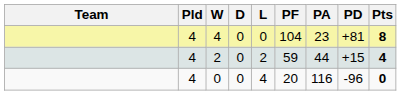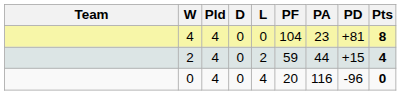 <table class="wikitable" style="text-align:center;">
 <tr>
 <th width=200>Team</th>
+<th width=20>W</th>
 <th width=20>Pld</th>
-<th width=20>W</th>
 <th width=20>D</th>
 <th width=20>L</th>
 <th width=30>PF</th>
 <th width=30>PA</th>
 <th width=30>PD</th>
 <th width=20>Pts</th>
 </tr>
 <tr bgcolor=#f7f6a8>
 <td align=left></td>
 <td>4</td>
 <td>4</td>
 <td>0</td>
 <td>0</td>
 <td>104</td>
 <td>23</td>
 <td>+81</td>
 <td><strong>8</strong></td>
 </tr>
 <tr bgcolor=#dce5e5>
 <td align=left></td>
+<td>2</td>
 <td>4</td>
-<td>2</td>
 <td>0</td>
 <td>2</td>
 <td>59</td>
 <td>44</td>
 <td>+15</td>
 <td><strong>4</strong></td>
 </tr>
 <tr>
 <td align=left></td>
+<td>0</td>
 <td>4</td>
-<td>0</td>
 <td>0</td>
 <td>4</td>
 <td>20</td>
 <td>116</td>
 <td>-96</td>
 <td><strong>0</strong></td>
 </tr>
 </table>
